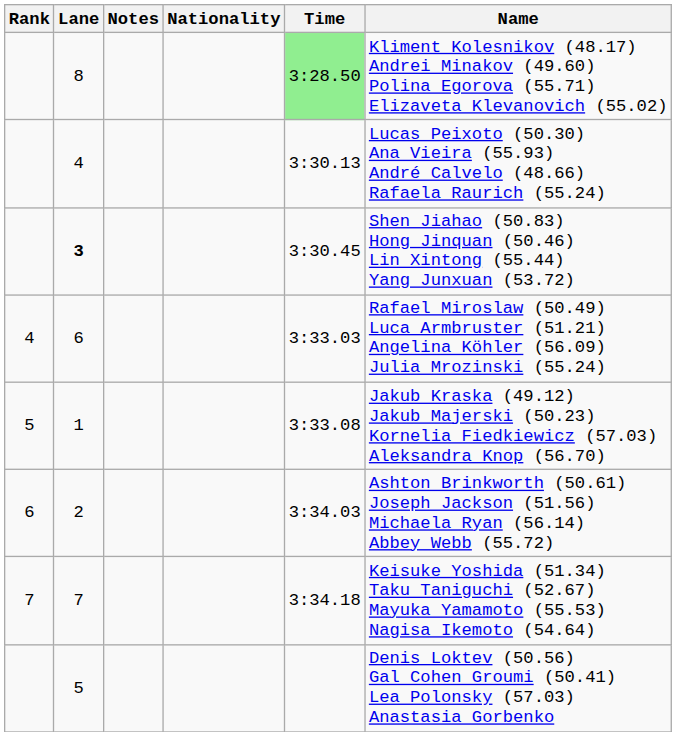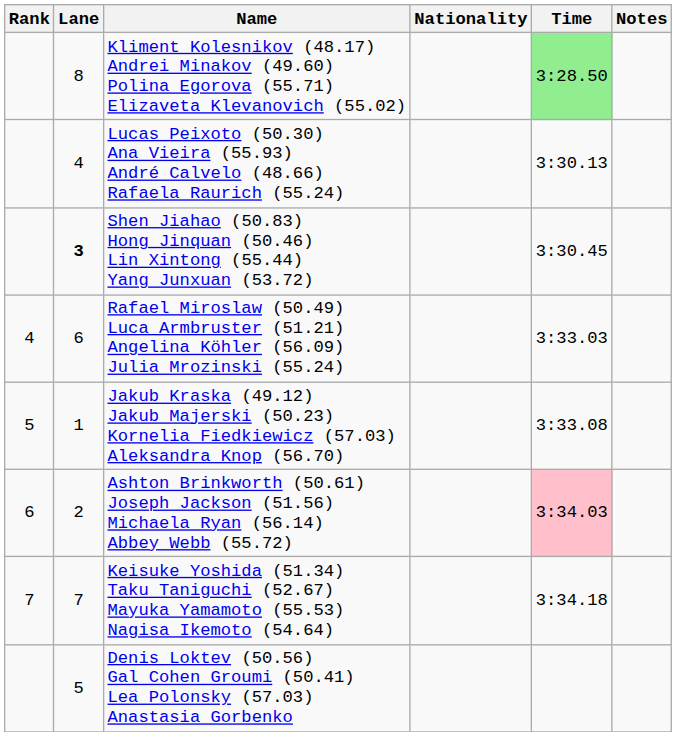 <table class="wikitable sortable" style="text-align:center">
 <tr>
 <th>Rank</th>
 <th>Lane</th>
-<th>Notes</th>
+<th>Name</th>
 <th>Nationality</th>
 <th>Time</th>
-<th>Name</th>
+<th>Notes</th>
 </tr>
 <tr>
 <td></td>
 <td>8</td>
-<td></td>
+<td align=left><a href='#'>Kliment Kolesnikov</a> (48.17)<br><a href='#'>Andrei Minakov</a> (49.60)<br><a href='#'>Polina Egorova</a> (55.71)<br><a href='#'>Elizaveta Klevanovich</a> (55.02)</td>
 <td align=left></td>
 <td style="background: lightgreen;">3:28.50</td>
-<td align=left><a href='#'>Kliment Kolesnikov</a> (48.17)<br><a href='#'>Andrei Minakov</a> (49.60)<br><a href='#'>Polina Egorova</a> (55.71)<br><a href='#'>Elizaveta Klevanovich</a> (55.02)</td>
+<td></td>
 </tr>
 <tr>
 <td></td>
 <td>4</td>
-<td></td>
+<td align=left><a href='#'>Lucas Peixoto</a> (50.30)<br><a href='#'>Ana Vieira</a> (55.93)<br><a href='#'>André Calvelo</a> (48.66)<br><a href='#'>Rafaela Raurich</a> (55.24)</td>
 <td align=left></td>
 <td>3:30.13</td>
-<td align=left><a href='#'>Lucas Peixoto</a> (50.30)<br><a href='#'>Ana Vieira</a> (55.93)<br><a href='#'>André Calvelo</a> (48.66)<br><a href='#'>Rafaela Raurich</a> (55.24)</td>
+<td></td>
 </tr>
 <tr>
 <td></td>
 <td><strong>3</strong></td>
-<td></td>
+<td align=left><a href='#'>Shen Jiahao</a> (50.83)<br><a href='#'>Hong Jinquan</a> (50.46)<br><a href='#'>Lin Xintong</a> (55.44)<br><a href='#'>Yang Junxuan</a> (53.72)</td>
 <td align=left></td>
 <td>3:30.45</td>
-<td align=left><a href='#'>Shen Jiahao</a> (50.83)<br><a href='#'>Hong Jinquan</a> (50.46)<br><a href='#'>Lin Xintong</a> (55.44)<br><a href='#'>Yang Junxuan</a> (53.72)</td>
+<td></td>
 </tr>
 <tr>
 <td>4</td>
 <td>6</td>
-<td></td>
+<td align=left><a href='#'>Rafael Miroslaw</a> (50.49)<br><a href='#'>Luca Armbruster</a> (51.21)<br><a href='#'>Angelina Köhler</a> (56.09)<br><a href='#'>Julia Mrozinski</a> (55.24)</td>
 <td align=left></td>
 <td>3:33.03</td>
-<td align=left><a href='#'>Rafael Miroslaw</a> (50.49)<br><a href='#'>Luca Armbruster</a> (51.21)<br><a href='#'>Angelina Köhler</a> (56.09)<br><a href='#'>Julia Mrozinski</a> (55.24)</td>
+<td></td>
 </tr>
 <tr>
 <td>5</td>
 <td>1</td>
-<td></td>
+<td align=left><a href='#'>Jakub Kraska</a> (49.12)<br><a href='#'>Jakub Majerski</a> (50.23)<br><a href='#'>Kornelia Fiedkiewicz</a> (57.03)<br><a href='#'>Aleksandra Knop</a> (56.70)</td>
 <td align=left></td>
 <td>3:33.08</td>
-<td align=left><a href='#'>Jakub Kraska</a> (49.12)<br><a href='#'>Jakub Majerski</a> (50.23)<br><a href='#'>Kornelia Fiedkiewicz</a> (57.03)<br><a href='#'>Aleksandra Knop</a> (56.70)</td>
+<td></td>
 </tr>
 <tr>
 <td>6</td>
 <td>2</td>
+<td align=left><a href='#'>Ashton Brinkworth</a> (50.61)<br><a href='#'>Joseph Jackson</a> (51.56)<br><a href='#'>Michaela Ryan</a> (56.14)<br><a href='#'>Abbey Webb</a> (55.72)</td>
+<td align=left></td>
+<td style="background: pink;">3:34.03</td>
 <td></td>
-<td align=left></td>
-<td>3:34.03</td>
-<td align=left><a href='#'>Ashton Brinkworth</a> (50.61)<br><a href='#'>Joseph Jackson</a> (51.56)<br><a href='#'>Michaela Ryan</a> (56.14)<br><a href='#'>Abbey Webb</a> (55.72)</td>
 </tr>
 <tr>
 <td>7</td>
 <td>7</td>
-<td></td>
+<td align=left><a href='#'>Keisuke Yoshida</a> (51.34)<br><a href='#'>Taku Taniguchi</a> (52.67)<br><a href='#'>Mayuka Yamamoto</a> (55.53)<br><a href='#'>Nagisa Ikemoto</a> (54.64)</td>
 <td align=left></td>
 <td>3:34.18</td>
-<td align=left><a href='#'>Keisuke Yoshida</a> (51.34)<br><a href='#'>Taku Taniguchi</a> (52.67)<br><a href='#'>Mayuka Yamamoto</a> (55.53)<br><a href='#'>Nagisa Ikemoto</a> (54.64)</td>
+<td></td>
 </tr>
 <tr>
 <td></td>
 <td>5</td>
-<td></td>
+<td align=left><a href='#'>Denis Loktev</a> (50.56)<br><a href='#'>Gal Cohen Groumi</a> (50.41)<br><a href='#'>Lea Polonsky</a> (57.03)<br><a href='#'>Anastasia Gorbenko</a></td>
 <td align=left></td>
 <td></td>
-<td align=left><a href='#'>Denis Loktev</a> (50.56)<br><a href='#'>Gal Cohen Groumi</a> (50.41)<br><a href='#'>Lea Polonsky</a> (57.03)<br><a href='#'>Anastasia Gorbenko</a></td>
+<td></td>
 </tr>
 </table>
